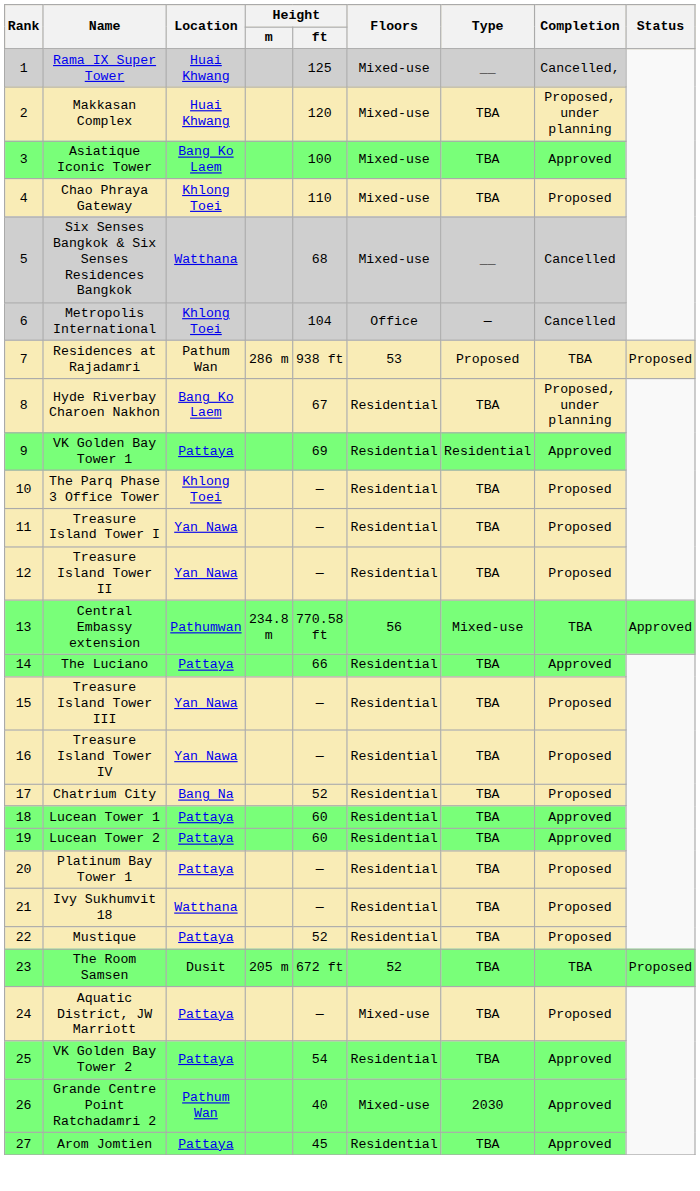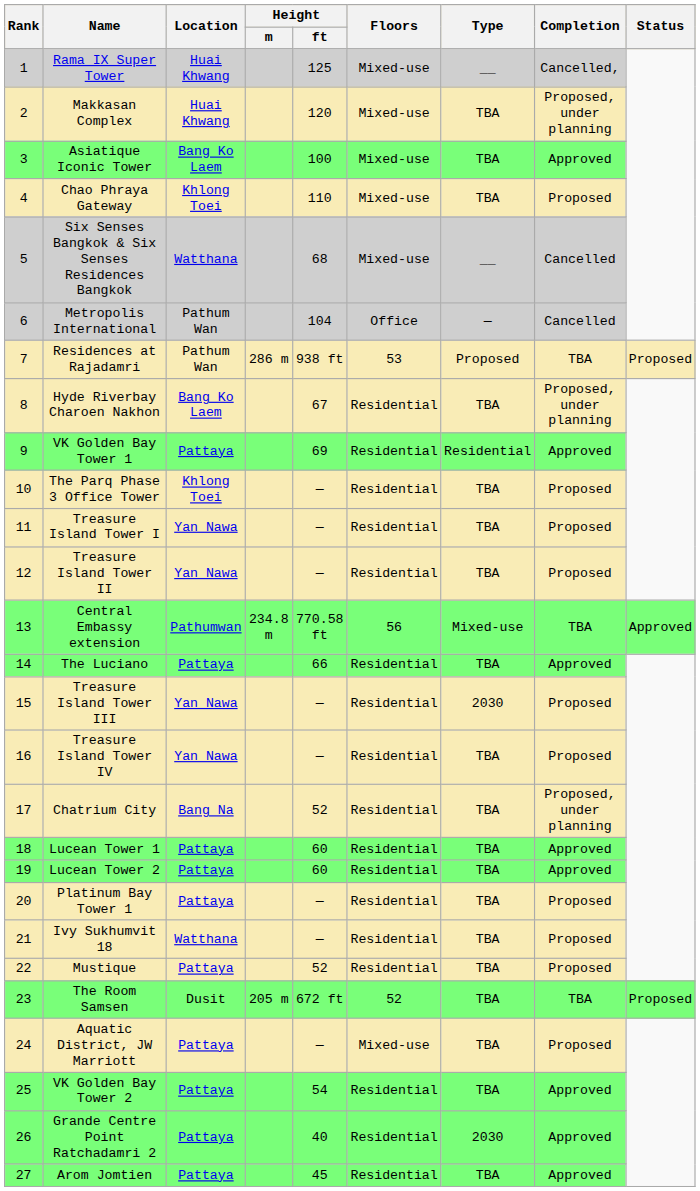 <table class="wikitable sortable mw-datatable static-row-numbers" style="text-align:center; font-size:90%">
 <tr style="background:#f9ecb6;">
 <th rowspan="2">Rank</th>
 <th rowspan="2"class="unsortable">Name</th>
 <th rowspan="2">Location</th>
 <th colspan="2">Height</th>
 <th rowspan="2">Floors</th>
 <th rowspan="2">Type</th>
 <th rowspan="2">Completion</th>
 <th rowspan="2">Status</th>
 </tr>
 <tr>
 <th>m</th>
 <th>ft</th>
 </tr>
 <tr style="background:#cfcfcf;">
 <td>1</td>
 <td><a href='#'>Rama IX Super Tower</a></td>
 <td><a href='#'>Huai Khwang</a></td>
 <td></td>
 <td>125</td>
 <td>Mixed-use</td>
 <td>__</td>
 <td>Cancelled,</td>
 </tr>
 <tr style="background:#f9ecb6;">
 <td>2</td>
 <td>Makkasan Complex</td>
 <td><a href='#'>Huai Khwang</a></td>
 <td></td>
 <td>120</td>
 <td>Mixed-use</td>
 <td>TBA</td>
 <td>Proposed, under planning</td>
 </tr>
 <tr style="background:#79ff79;">
 <td>3</td>
 <td>Asiatique Iconic Tower</td>
 <td><a href='#'>Bang Ko Laem</a></td>
 <td></td>
 <td>100</td>
 <td>Mixed-use</td>
 <td>TBA</td>
 <td>Approved</td>
 </tr>
 <tr style="background:#f9ecb6;">
 <td>4</td>
 <td>Chao Phraya Gateway</td>
 <td><a href='#'>Khlong Toei</a></td>
 <td></td>
 <td>110</td>
 <td>Mixed-use</td>
 <td>TBA</td>
 <td>Proposed</td>
 </tr>
 <tr style="background:#cfcfcf;">
 <td>5</td>
 <td>Six Senses Bangkok & Six Senses Residences Bangkok</td>
 <td><a href='#'>Watthana</a></td>
 <td></td>
 <td>68</td>
 <td>Mixed-use</td>
 <td>__</td>
 <td>Cancelled</td>
 </tr>
 <tr style="background:#cfcfcf;">
 <td>6</td>
 <td>Metropolis International</td>
-<td><a href='#'>Khlong Toei</a></td>
+<td>Pathum Wan</td>
 <td></td>
 <td>104</td>
 <td>Office</td>
 <td>—</td>
 <td>Cancelled</td>
 </tr>
 <tr style="background:#f9ecb6;">
 <td>7</td>
 <td>Residences at Rajadamri</td>
 <td>Pathum Wan</td>
 <td>286 m</td>
 <td>938 ft</td>
 <td>53</td>
 <td>Proposed</td>
 <td>TBA</td>
 <td>Proposed</td>
 </tr>
 <tr style="background:#f9ecb6;">
 <td>8</td>
 <td>Hyde Riverbay Charoen Nakhon</td>
 <td><a href='#'>Bang Ko Laem</a></td>
 <td></td>
 <td>67</td>
 <td>Residential</td>
 <td>TBA</td>
 <td>Proposed, under planning</td>
 </tr>
 <tr style="background:#79ff79;">
 <td>9</td>
 <td>VK Golden Bay Tower 1</td>
 <td><a href='#'>Pattaya</a></td>
 <td></td>
 <td>69</td>
 <td>Residential</td>
 <td>Residential</td>
 <td>Approved</td>
 </tr>
 <tr style="background:#f9ecb6;">
 <td>10</td>
 <td>The Parq Phase 3 Office Tower</td>
 <td><a href='#'>Khlong Toei</a></td>
 <td></td>
 <td>—</td>
 <td>Residential</td>
 <td>TBA</td>
 <td>Proposed</td>
 </tr>
 <tr style="background:#f9ecb6;">
 <td>11</td>
 <td>Treasure Island Tower I</td>
 <td><a href='#'>Yan Nawa</a></td>
 <td></td>
 <td>—</td>
 <td>Residential</td>
 <td>TBA</td>
 <td>Proposed</td>
 </tr>
 <tr style="background:#f9ecb6;">
 <td>12</td>
 <td>Treasure Island Tower II</td>
 <td><a href='#'>Yan Nawa</a></td>
 <td></td>
 <td>—</td>
 <td>Residential</td>
 <td>TBA</td>
 <td>Proposed</td>
 </tr>
 <tr style="background:#79ff79;">
 <td>13</td>
 <td>Central Embassy extension</td>
 <td><a href='#'>Pathumwan</a></td>
 <td>234.8 m</td>
 <td>770.58 ft</td>
 <td>56</td>
 <td>Mixed-use</td>
 <td>TBA</td>
 <td>Approved</td>
 </tr>
 <tr style="background:#79ff79;">
 <td>14</td>
 <td>The Luciano</td>
 <td><a href='#'>Pattaya</a></td>
 <td></td>
 <td>66</td>
 <td>Residential</td>
 <td>TBA</td>
 <td>Approved</td>
 </tr>
 <tr style="background:#f9ecb6;">
 <td>15</td>
 <td>Treasure Island Tower III</td>
 <td><a href='#'>Yan Nawa</a></td>
 <td></td>
 <td>—</td>
 <td>Residential</td>
-<td>TBA</td>
+<td>2030</td>
 <td>Proposed</td>
 </tr>
 <tr style="background:#f9ecb6;">
 <td>16</td>
 <td>Treasure Island Tower IV</td>
 <td><a href='#'>Yan Nawa</a></td>
 <td></td>
 <td>—</td>
 <td>Residential</td>
 <td>TBA</td>
 <td>Proposed</td>
 </tr>
 <tr style="background:#f9ecb6;">
 <td>17</td>
 <td>Chatrium City</td>
 <td><a href='#'>Bang Na</a></td>
 <td></td>
 <td>52</td>
 <td>Residential</td>
 <td>TBA</td>
-<td>Proposed</td>
+<td>Proposed, under planning</td>
 </tr>
 <tr style="background:#79ff79;">
 <td>18</td>
 <td>Lucean Tower 1</td>
 <td><a href='#'>Pattaya</a></td>
 <td></td>
 <td>60</td>
 <td>Residential</td>
 <td>TBA</td>
 <td>Approved</td>
 </tr>
 <tr style="background:#79ff79;">
 <td>19</td>
 <td>Lucean Tower 2</td>
 <td><a href='#'>Pattaya</a></td>
 <td></td>
 <td>60</td>
 <td>Residential</td>
 <td>TBA</td>
 <td>Approved</td>
 </tr>
 <tr style="background:#f9ecb6;">
 <td>20</td>
 <td>Platinum Bay Tower 1</td>
 <td><a href='#'>Pattaya</a></td>
 <td></td>
 <td>—</td>
 <td>Residential</td>
 <td>TBA</td>
 <td>Proposed</td>
 </tr>
 <tr style="background:#f9ecb6;">
 <td>21</td>
 <td>Ivy Sukhumvit 18</td>
 <td><a href='#'>Watthana</a></td>
 <td></td>
 <td>—</td>
 <td>Residential</td>
 <td>TBA</td>
 <td>Proposed</td>
 </tr>
 <tr style="background:#f9ecb6;">
 <td>22</td>
 <td>Mustique</td>
 <td><a href='#'>Pattaya</a></td>
 <td></td>
 <td>52</td>
 <td>Residential</td>
 <td>TBA</td>
 <td>Proposed</td>
 </tr>
 <tr style="background:#79ff79;">
 <td>23</td>
 <td>The Room Samsen</td>
 <td>Dusit</td>
 <td>205 m</td>
 <td>672 ft</td>
 <td>52</td>
 <td>TBA</td>
 <td>TBA</td>
 <td>Proposed</td>
 </tr>
 <tr style="background:#f9ecb6;">
 <td>24</td>
 <td>Aquatic District, JW Marriott</td>
 <td><a href='#'>Pattaya</a></td>
 <td></td>
 <td>—</td>
 <td>Mixed-use</td>
 <td>TBA</td>
 <td>Proposed</td>
 </tr>
 <tr style="background:#79ff79;">
 <td>25</td>
 <td>VK Golden Bay Tower 2</td>
 <td><a href='#'>Pattaya</a></td>
 <td></td>
 <td>54</td>
 <td>Residential</td>
 <td>TBA</td>
 <td>Approved</td>
 </tr>
 <tr style="background:#79ff79;">
 <td>26</td>
 <td>Grande Centre Point Ratchadamri 2</td>
-<td><a href='#'>Pathum Wan</a></td>
+<td><a href='#'>Pattaya</a></td>
 <td></td>
 <td>40</td>
-<td>Mixed-use</td>
+<td>Residential</td>
 <td>2030</td>
 <td>Approved</td>
 </tr>
 <tr style="background:#79ff79;">
 <td>27</td>
 <td>Arom Jomtien</td>
 <td><a href='#'>Pattaya</a></td>
 <td></td>
 <td>45</td>
 <td>Residential</td>
 <td>TBA</td>
 <td>Approved</td>
 </tr>
 </table>
